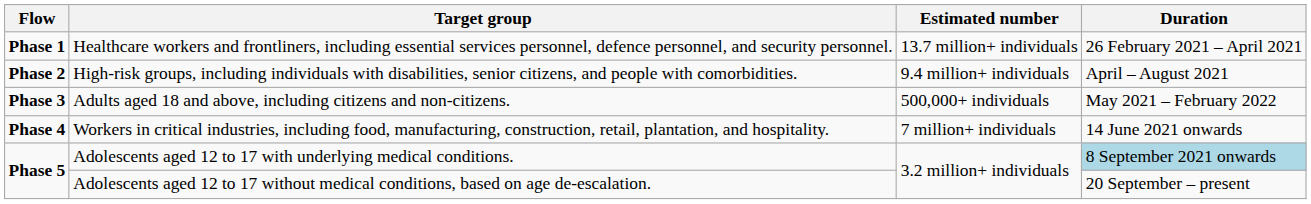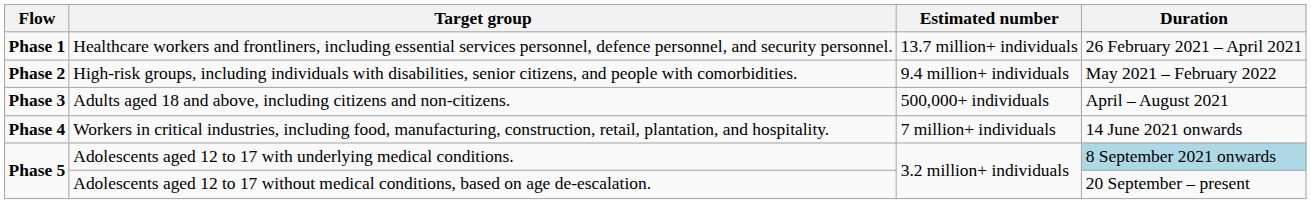 <table class="wikitable" ;>
 <tr>
 <th>Flow</th>
 <th>Target group</th>
 <th>Estimated number</th>
 <th>Duration</th>
 </tr>
 <tr>
 <td><strong>Phase 1</strong></td>
 <td>Healthcare workers and frontliners, including essential services personnel, defence personnel, and security personnel.</td>
 <td>13.7 million+ individuals</td>
 <td>26 February 2021 – April 2021</td>
 </tr>
 <tr>
 <td><strong>Phase 2</strong></td>
 <td>High-risk groups, including individuals with disabilities, senior citizens, and people with comorbidities.</td>
 <td>9.4 million+ individuals</td>
-<td>April – August 2021</td>
+<td>May 2021 – February 2022</td>
 </tr>
 <tr>
 <td><strong>Phase 3</strong></td>
 <td>Adults aged 18 and above, including citizens and non-citizens.</td>
 <td>500,000+ individuals</td>
-<td>May 2021 – February 2022</td>
+<td>April – August 2021</td>
 </tr>
 <tr>
 <td><strong>Phase 4</strong></td>
 <td>Workers in critical industries, including food, manufacturing, construction, retail, plantation, and hospitality.</td>
 <td>7 million+ individuals</td>
 <td>14 June 2021 onwards</td>
 </tr>
 <tr>
 <td rowspan="2"><strong>Phase 5</strong></td>
 <td>Adolescents aged 12 to 17 with underlying medical conditions.</td>
 <td rowspan="2">3.2 million+ individuals</td>
 <td style="background: lightblue;">8 September 2021 onwards</td>
 </tr>
 <tr>
 <td>Adolescents aged 12 to 17 without medical conditions, based on age de-escalation.</td>
 <td>20 September – present</td>
 </tr>
 </table>
